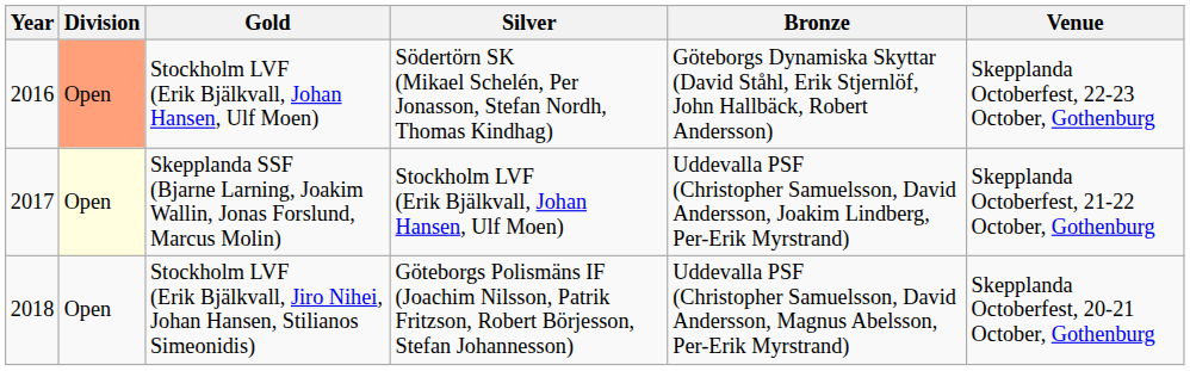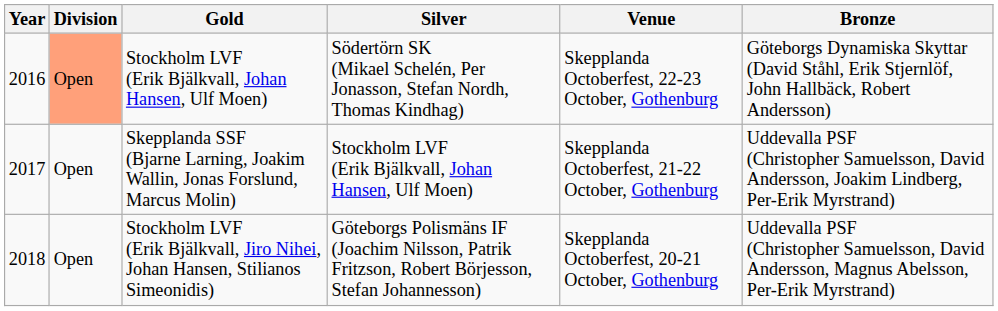 <table class="wikitable sortable" style="text-align: left;">
 <tr>
 <th>Year</th>
 <th>Division</th>
 <th> Gold</th>
 <th> Silver</th>
+<th>Venue</th>
 <th> Bronze</th>
-<th>Venue</th>
 </tr>
 <tr>
 <td>2016</td>
 <td style="background: lightsalmon;">Open</td>
 <td>Stockholm LVF<br>(Erik Bjälkvall, <a href='#'>Johan Hansen</a>, Ulf Moen)</td>
 <td>Södertörn SK<br>(Mikael Schelén, Per Jonasson, Stefan Nordh, Thomas Kindhag)</td>
+<td>Skepplanda Octoberfest, 22-23 October, <a href='#'>Gothenburg</a></td>
 <td>Göteborgs Dynamiska Skyttar<br>(David Ståhl, Erik Stjernlöf, John Hallbäck, Robert Andersson)</td>
-<td>Skepplanda Octoberfest, 22-23 October, <a href='#'>Gothenburg</a></td>
 </tr>
 <tr>
 <td>2017</td>
-<td style="background: lightyellow;">Open</td>
+<td>Open</td>
 <td>Skepplanda SSF<br>(Bjarne Larning, Joakim Wallin, Jonas Forslund, Marcus Molin)</td>
 <td>Stockholm LVF<br>(Erik Bjälkvall, <a href='#'>Johan Hansen</a>, Ulf Moen)</td>
+<td>Skepplanda Octoberfest, 21-22 October, <a href='#'>Gothenburg</a></td>
 <td>Uddevalla PSF<br>(Christopher Samuelsson, David Andersson, Joakim Lindberg, Per-Erik Myrstrand)</td>
-<td>Skepplanda Octoberfest, 21-22 October, <a href='#'>Gothenburg</a></td>
 </tr>
 <tr>
 <td>2018</td>
 <td>Open</td>
 <td>Stockholm LVF<br>(Erik Bjälkvall, <a href='#'>Jiro Nihei</a>, Johan Hansen, Stilianos Simeonidis)</td>
 <td>Göteborgs Polismäns IF<br>(Joachim Nilsson, Patrik Fritzson, Robert Börjesson, Stefan Johannesson)</td>
+<td>Skepplanda Octoberfest, 20-21 October, <a href='#'>Gothenburg</a></td>
 <td>Uddevalla PSF<br>(Christopher Samuelsson, David Andersson, Magnus Abelsson, Per-Erik Myrstrand)</td>
-<td>Skepplanda Octoberfest, 20-21 October, <a href='#'>Gothenburg</a></td>
 </tr>
 </table>
